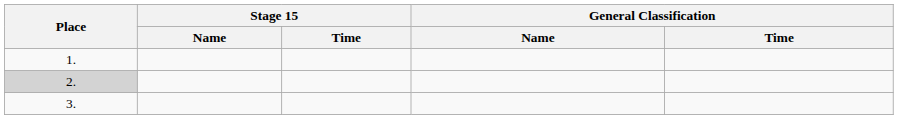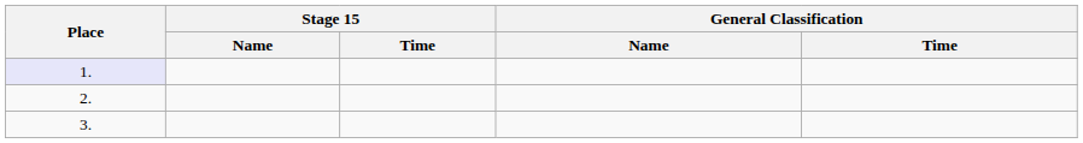 <table class="wikitable"  style="font-size:95%; width:80%;">
 <tr>
 <th rowspan="2">Place</th>
 <th colspan="2">Stage 15</th>
 <th colspan="2">General Classification</th>
 </tr>
 <tr>
 <th>Name</th>
 <th>Time</th>
 <th>Name</th>
 <th>Time</th>
 </tr>
 <tr>
-<td style="text-align:center;">1.</td>
+<td style="background: lavender; text-align:center;">1.</td>
 <td></td>
 <td></td>
 <td></td>
 <td></td>
 </tr>
 <tr>
-<td style="background: lightgrey; text-align:center;">2.</td>
+<td style="text-align:center;">2.</td>
 <td></td>
 <td></td>
 <td></td>
 <td></td>
 </tr>
 <tr>
 <td style="text-align:center;">3.</td>
 <td></td>
 <td></td>
 <td></td>
 <td></td>
 </tr>
 </table>
